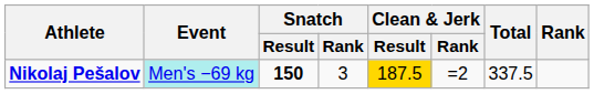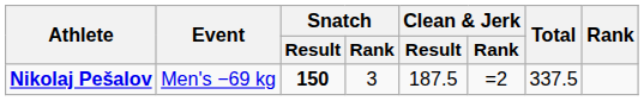 <table class="wikitable" style="font-size:90%">
 <tr>
 <th rowspan="2">Athlete</th>
 <th rowspan="2">Event</th>
 <th colspan="2">Snatch</th>
 <th colspan="2">Clean & Jerk</th>
 <th rowspan="2">Total</th>
 <th rowspan="2">Rank</th>
 </tr>
 <tr style="font-size:95%">
 <th>Result</th>
 <th>Rank</th>
 <th>Result</th>
 <th>Rank</th>
 </tr>
 <tr align=center>
 <td align=left><strong><a href='#'>Nikolaj Pešalov</a></strong></td>
-<td align=left style="background: paleturquoise;"><a href='#'>Men's −69 kg</a></td>
+<td align=left><a href='#'>Men's −69 kg</a></td>
 <td><strong>150</strong></td>
 <td>3</td>
-<td style="background: gold;">187.5</td>
+<td>187.5</td>
 <td>=2</td>
 <td>337.5</td>
 <td></td>
 </tr>
 </table>
